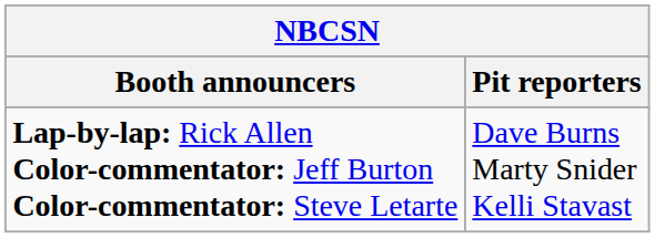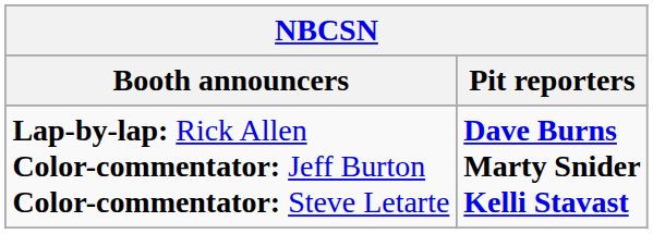 <table class="wikitable" style="font-size: 95%;">
 <tr>
 <th colspan="2"><a href='#'>NBCSN</a></th>
 </tr>
 <tr>
 <th>Booth announcers</th>
 <th>Pit reporters</th>
 </tr>
 <tr>
 <td><strong>Lap-by-lap:</strong> <a href='#'>Rick Allen</a><br><strong>Color-commentator:</strong> <a href='#'>Jeff Burton</a><br><strong>Color-commentator:</strong> <a href='#'>Steve Letarte</a></td>
-<td><a href='#'>Dave Burns</a><br>Marty Snider<br><a href='#'>Kelli Stavast</a></td>
+<td><strong><a href='#'>Dave Burns</a><br>Marty Snider<br><a href='#'>Kelli Stavast</a></strong></td>
 </tr>
 </table>
